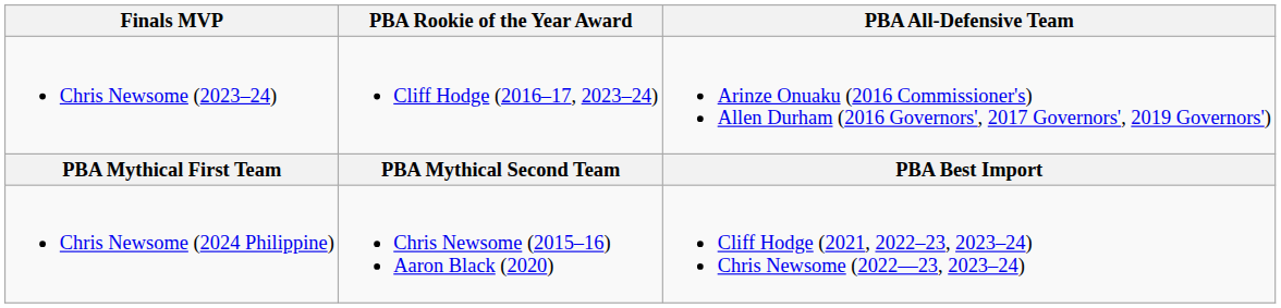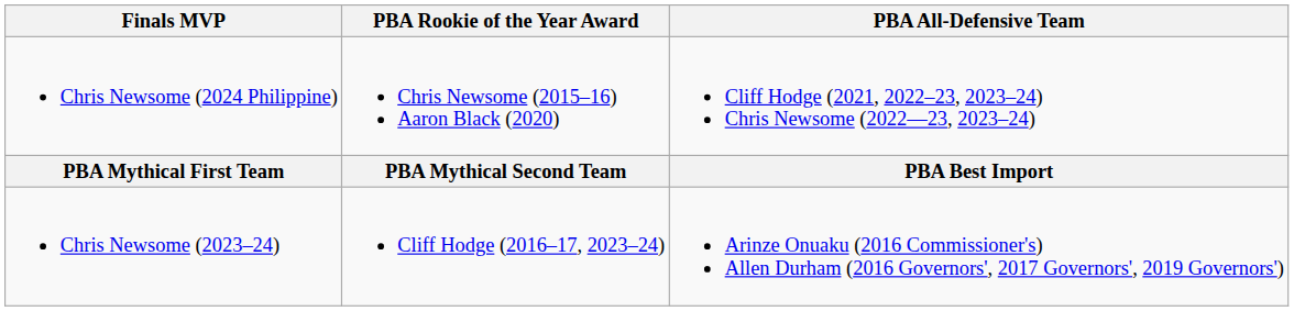 <table class=wikitable>
 <tr>
 <th>Finals MVP</th>
 <th>PBA Rookie of the Year Award</th>
 <th>PBA All-Defensive Team</th>
 </tr>
 <tr>
-<td valign="top"><br><ul><li><a href='#'>Chris Newsome</a> (<a href='#'>2023–24</a>)</li></ul></td>
-<td valign="top"><br><ul><li><a href='#'>Cliff Hodge</a> (<a href='#'>2016–17</a>, <a href='#'>2023–24</a>)</li></ul></td>
-<td valign="top"><br><ul><li><a href='#'>Arinze Onuaku</a> (<a href='#'>2016 Commissioner's</a>)</li><li><a href='#'>Allen Durham</a> (<a href='#'>2016 Governors'</a>, <a href='#'>2017 Governors'</a>, <a href='#'>2019 Governors'</a>)</li></ul></td>
+<td valign="top"><br><ul><li><a href='#'>Chris Newsome</a> (<a href='#'>2024 Philippine</a>)</li></ul></td>
+<td valign="top"><br><ul><li><a href='#'>Chris Newsome</a> (<a href='#'>2015–16</a>)</li><li><a href='#'>Aaron Black</a> (<a href='#'>2020</a>)</li></ul></td>
+<td valign="top"><br><ul><li><a href='#'>Cliff Hodge</a> (<a href='#'>2021</a>, <a href='#'>2022–23</a>, <a href='#'>2023–24</a>)</li><li><a href='#'>Chris Newsome</a> (<a href='#'>2022—23</a>, <a href='#'>2023–24</a>)</li></ul></td>
 </tr>
 <tr>
 <th>PBA Mythical First Team</th>
 <th>PBA Mythical Second Team</th>
 <th>PBA Best Import</th>
 </tr>
 <tr>
-<td valign="top"><br><ul><li><a href='#'>Chris Newsome</a> (<a href='#'>2024 Philippine</a>)</li></ul></td>
-<td valign="top"><br><ul><li><a href='#'>Chris Newsome</a> (<a href='#'>2015–16</a>)</li><li><a href='#'>Aaron Black</a> (<a href='#'>2020</a>)</li></ul></td>
-<td valign="top"><br><ul><li><a href='#'>Cliff Hodge</a> (<a href='#'>2021</a>, <a href='#'>2022–23</a>, <a href='#'>2023–24</a>)</li><li><a href='#'>Chris Newsome</a> (<a href='#'>2022—23</a>, <a href='#'>2023–24</a>)</li></ul></td>
+<td valign="top"><br><ul><li><a href='#'>Chris Newsome</a> (<a href='#'>2023–24</a>)</li></ul></td>
+<td valign="top"><br><ul><li><a href='#'>Cliff Hodge</a> (<a href='#'>2016–17</a>, <a href='#'>2023–24</a>)</li></ul></td>
+<td valign="top"><br><ul><li><a href='#'>Arinze Onuaku</a> (<a href='#'>2016 Commissioner's</a>)</li><li><a href='#'>Allen Durham</a> (<a href='#'>2016 Governors'</a>, <a href='#'>2017 Governors'</a>, <a href='#'>2019 Governors'</a>)</li></ul></td>
 </tr>
 </table>
